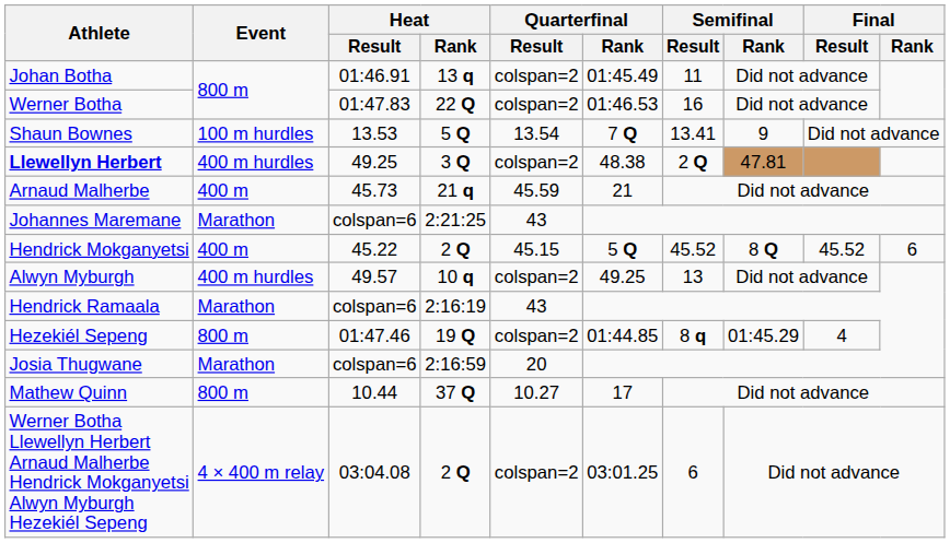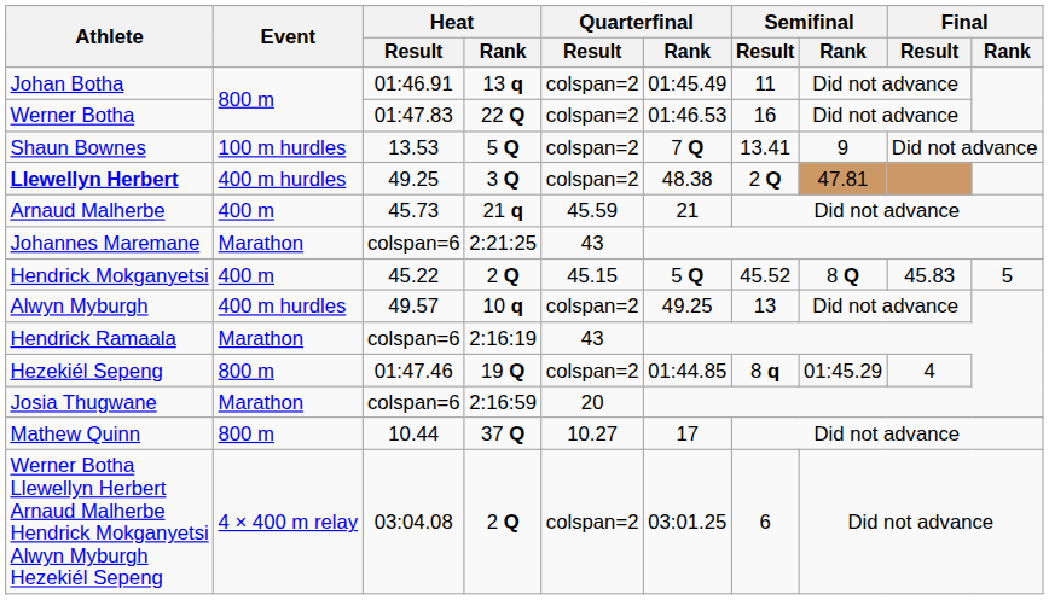 <table class=wikitable style="font-size:90%">
 <tr>
 <th rowspan="2">Athlete</th>
 <th rowspan="2">Event</th>
 <th colspan="2">Heat</th>
 <th colspan="2">Quarterfinal</th>
 <th colspan="2">Semifinal</th>
 <th colspan="2">Final</th>
 </tr>
 <tr style="font-size:95%">
 <th>Result</th>
 <th>Rank</th>
 <th>Result</th>
 <th>Rank</th>
 <th>Result</th>
 <th>Rank</th>
 <th>Result</th>
 <th>Rank</th>
 </tr>
 <tr align=center>
 <td align=left><a href='#'>Johan Botha</a></td>
 <td align=left rowspan=2><a href='#'>800 m</a></td>
 <td>01:46.91</td>
 <td>13 <strong>q</strong></td>
 <td>colspan=2 </td>
 <td>01:45.49</td>
 <td>11</td>
 <td colspan=2>Did not advance</td>
 </tr>
 <tr align=center>
 <td align=left><a href='#'>Werner Botha</a></td>
 <td>01:47.83</td>
 <td>22 <strong>Q</strong></td>
 <td>colspan=2 </td>
 <td>01:46.53</td>
 <td>16</td>
 <td colspan=2>Did not advance</td>
 </tr>
 <tr align=center>
 <td align=left><a href='#'>Shaun Bownes</a></td>
 <td align=left><a href='#'>100 m hurdles</a></td>
 <td>13.53</td>
 <td>5 <strong>Q</strong></td>
-<td>13.54</td>
+<td>colspan=2 </td>
 <td>7 <strong>Q</strong></td>
 <td>13.41</td>
 <td>9</td>
 <td colspan=2>Did not advance</td>
 </tr>
 <tr align=center>
 <td align=left><strong><a href='#'>Llewellyn Herbert</a></strong></td>
 <td align=left><a href='#'>400 m hurdles</a></td>
 <td>49.25</td>
 <td>3 <strong>Q</strong></td>
 <td>colspan=2 </td>
 <td>48.38</td>
 <td>2 <strong>Q</strong></td>
 <td align="center" bgcolor='cc9966'>47.81</td>
 <td align="center" bgcolor='cc9966'></td>
 </tr>
 <tr align=center>
 <td align=left><a href='#'>Arnaud Malherbe</a></td>
 <td align=left><a href='#'>400 m</a></td>
 <td>45.73</td>
 <td>21 <strong>q</strong></td>
 <td>45.59</td>
 <td>21</td>
 <td colspan=4>Did not advance</td>
 </tr>
 <tr align=center>
 <td align=left><a href='#'>Johannes Maremane</a></td>
 <td align=left><a href='#'>Marathon</a></td>
 <td>colspan=6 </td>
 <td>2:21:25</td>
 <td>43</td>
 </tr>
 <tr align=center>
 <td align=left><a href='#'>Hendrick Mokganyetsi</a></td>
 <td align=left><a href='#'>400 m</a></td>
 <td>45.22</td>
 <td>2 <strong>Q</strong></td>
 <td>45.15</td>
 <td>5 <strong>Q</strong></td>
 <td>45.52</td>
 <td>8 <strong>Q</strong></td>
-<td>45.52</td>
-<td>6</td>
+<td>45.83</td>
+<td>5</td>
 </tr>
 <tr align=center>
 <td align=left><a href='#'>Alwyn Myburgh</a></td>
 <td align=left><a href='#'>400 m hurdles</a></td>
 <td>49.57</td>
 <td>10 <strong>q</strong></td>
 <td>colspan=2 </td>
 <td>49.25</td>
 <td>13</td>
 <td colspan=2>Did not advance</td>
 </tr>
 <tr align=center>
 <td align=left><a href='#'>Hendrick Ramaala</a></td>
 <td align=left><a href='#'>Marathon</a></td>
 <td>colspan=6 </td>
 <td>2:16:19</td>
 <td>43</td>
 </tr>
 <tr align=center>
 <td align=left><a href='#'>Hezekiél Sepeng</a></td>
 <td align=left><a href='#'>800 m</a></td>
 <td>01:47.46</td>
 <td>19 <strong>Q</strong></td>
 <td>colspan=2 </td>
 <td>01:44.85</td>
 <td>8 <strong>q</strong></td>
 <td>01:45.29</td>
 <td>4</td>
 </tr>
 <tr align=center>
 <td align=left><a href='#'>Josia Thugwane</a></td>
 <td align=left><a href='#'>Marathon</a></td>
 <td>colspan=6 </td>
 <td>2:16:59</td>
 <td>20</td>
 </tr>
 <tr align=center>
 <td align=left><a href='#'>Mathew Quinn</a></td>
 <td align=left><a href='#'>800 m</a></td>
 <td>10.44</td>
 <td>37 <strong>Q</strong></td>
 <td>10.27</td>
 <td>17</td>
 <td colspan=4>Did not advance</td>
 </tr>
 <tr align=center>
 <td align=left><a href='#'>Werner Botha</a><br><a href='#'>Llewellyn Herbert</a><br><a href='#'>Arnaud Malherbe</a><br><a href='#'>Hendrick Mokganyetsi</a><br><a href='#'>Alwyn Myburgh</a><br><a href='#'>Hezekiél Sepeng</a></td>
 <td align=left><a href='#'>4 × 400 m relay</a></td>
 <td>03:04.08</td>
 <td>2 <strong>Q</strong></td>
 <td>colspan=2 </td>
 <td>03:01.25</td>
 <td>6</td>
 <td colspan=4>Did not advance</td>
 </tr>
 </table>
